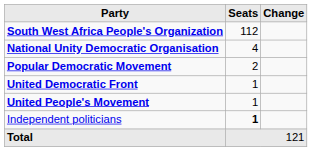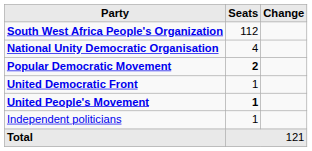 <table class="wikitable">
 <tr>
 <th style="background-color:#E9E9E9">Party</th>
 <th style="background-color:#E9E9E9">Seats</th>
 <th style="background-color:#E9E9E9">Change</th>
 </tr>
 <tr>
 <td><strong><a href='#'>South West Africa People's Organization</a></strong></td>
 <td align="right">112</td>
 <td></td>
 </tr>
 <tr>
 <td><strong><a href='#'>National Unity Democratic Organisation</a></strong></td>
 <td align="right">4</td>
 <td></td>
 </tr>
 <tr>
 <td><strong><a href='#'>Popular Democratic Movement</a></strong></td>
-<td align="right">2</td>
+<td align="right"><strong>2</strong></td>
 <td></td>
 </tr>
 <tr>
 <td><strong><a href='#'>United Democratic Front</a></strong></td>
 <td align="right">1</td>
 <td></td>
 </tr>
 <tr>
 <td><strong><a href='#'>United People's Movement</a></strong></td>
-<td align="right">1</td>
+<td align="right"><strong>1</strong></td>
 <td></td>
 </tr>
 <tr>
 <td><a href='#'>Independent politicians</a></td>
-<td align="right"><strong>1</strong></td>
+<td align="right">1</td>
 <td></td>
 </tr>
 <tr>
 <td style="background-color:#E9E9E9"><strong>Total</strong></td>
 <td align="right" style="background-color:#E9E9E9" colspan="2">121</td>
 </tr>
 </table>
